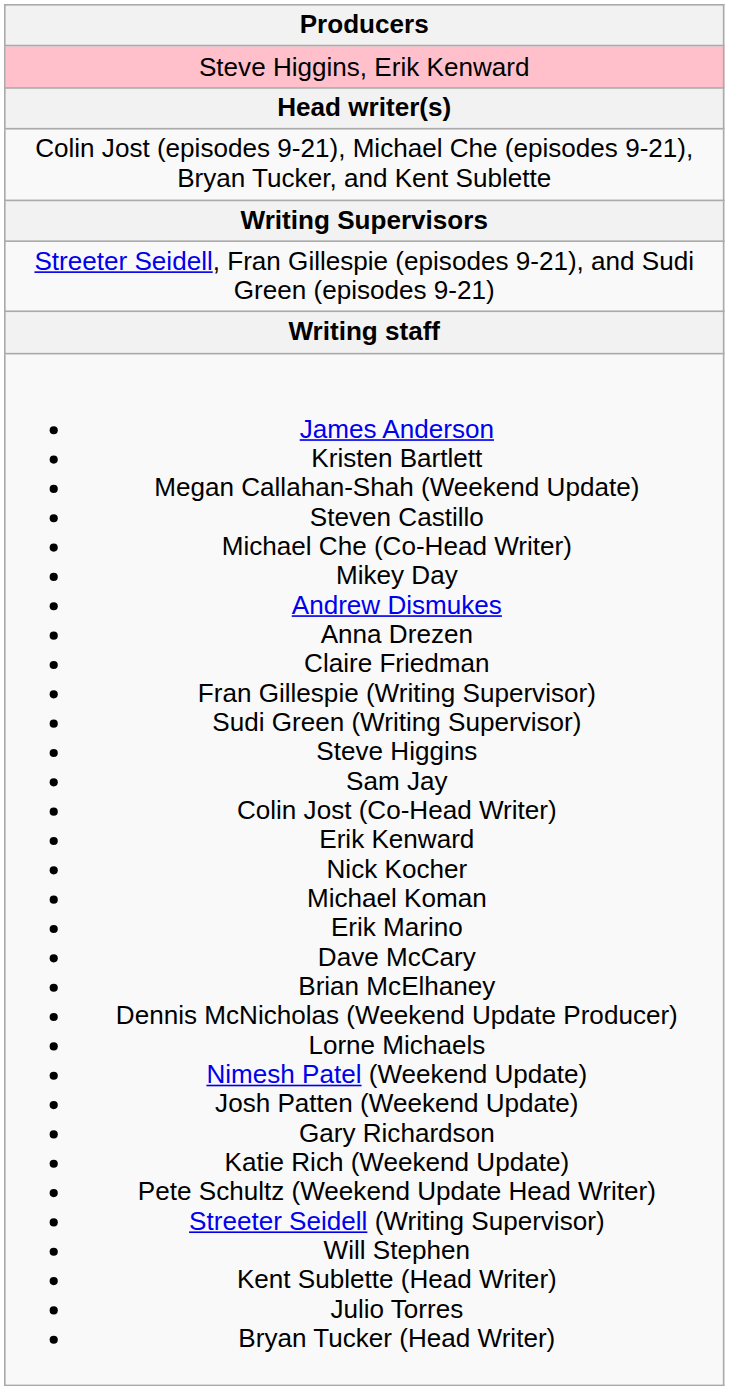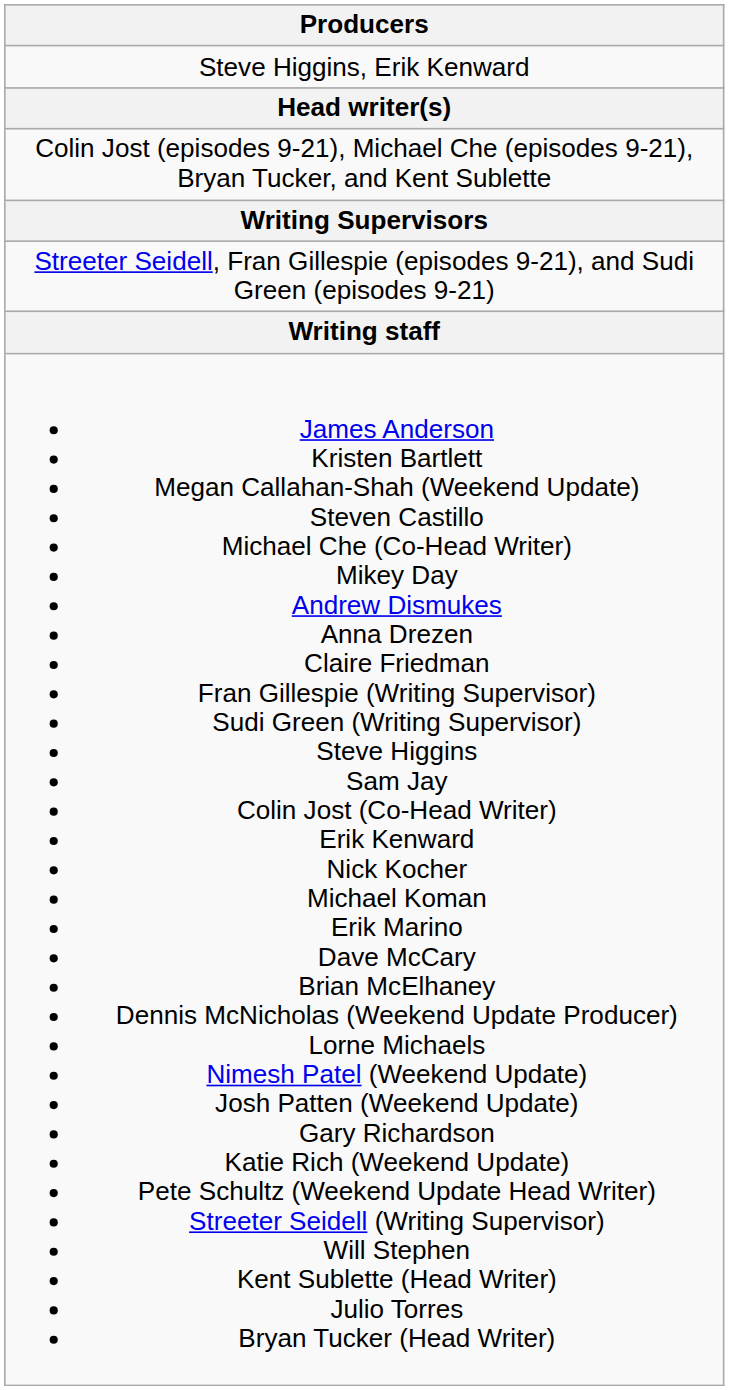 <table class="wikitable plainrowheaders"  style="text-align:center; width:50%;">
 <tr>
 <th><strong>Producers</strong></th>
 </tr>
 <tr>
-<td style="background: pink;">Steve Higgins, Erik Kenward</td>
+<td>Steve Higgins, Erik Kenward</td>
 </tr>
 <tr>
 <th><strong>Head writer(s)</strong></th>
 </tr>
 <tr>
 <td>Colin Jost (episodes 9-21), Michael Che (episodes 9-21), Bryan Tucker, and Kent Sublette</td>
 </tr>
 <tr>
 <th><strong>Writing Supervisors</strong></th>
 </tr>
 <tr>
 <td><a href='#'>Streeter Seidell</a>, Fran Gillespie (episodes 9-21), and Sudi Green (episodes 9-21)</td>
 </tr>
 <tr>
 <th><strong>Writing staff</strong> </th>
 </tr>
 <tr>
 <td><br><ul><li><a href='#'>James Anderson</a></li><li>Kristen Bartlett</li><li>Megan Callahan-Shah (Weekend Update)</li><li>Steven Castillo</li><li>Michael Che (Co-Head Writer)</li><li>Mikey Day</li><li><a href='#'>Andrew Dismukes</a></li><li>Anna Drezen</li><li>Claire Friedman</li><li>Fran Gillespie (Writing Supervisor)</li><li>Sudi Green (Writing Supervisor)</li><li>Steve Higgins</li><li>Sam Jay</li><li>Colin Jost (Co-Head Writer)</li><li>Erik Kenward</li><li>Nick Kocher</li><li>Michael Koman</li><li>Erik Marino</li><li>Dave McCary</li><li>Brian McElhaney</li><li>Dennis McNicholas (Weekend Update Producer)</li><li>Lorne Michaels</li><li><a href='#'>Nimesh Patel</a> (Weekend Update)</li><li>Josh Patten (Weekend Update)</li><li>Gary Richardson</li><li>Katie Rich (Weekend Update)</li><li>Pete Schultz (Weekend Update Head Writer)</li><li><a href='#'>Streeter Seidell</a> (Writing Supervisor)</li><li>Will Stephen</li><li>Kent Sublette (Head Writer)</li><li>Julio Torres</li><li>Bryan Tucker (Head Writer)</li></ul></td>
 </tr>
 </table>
